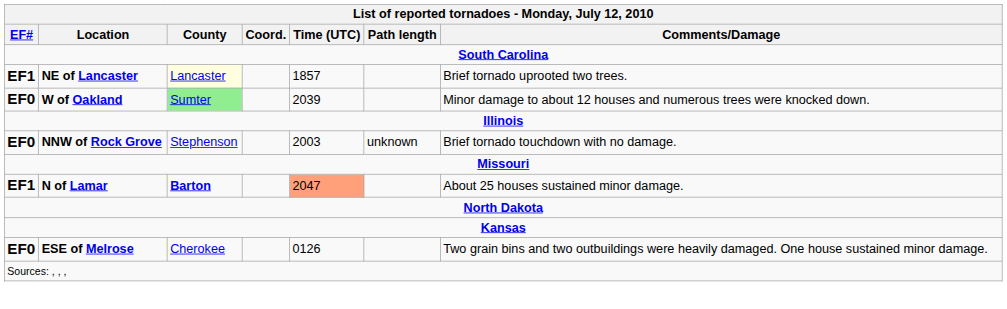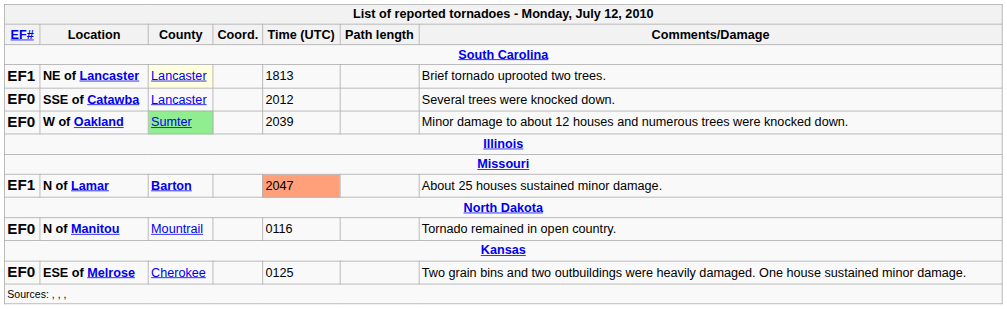 <table class="wikitable collapsible" style="width:100%;">
 <tr>
 <th colspan="7">List of reported tornadoes - Monday, July 12, 2010</th>
 </tr>
 <tr>
 <th><a href='#'>EF#</a></th>
 <th>Location</th>
 <th>County</th>
 <th>Coord.</th>
 <th>Time (UTC)</th>
 <th>Path length</th>
 <th>Comments/Damage</th>
 </tr>
 <tr>
 <td colspan="7" style="text-align:center;"><strong><a href='#'>South Carolina</a></strong></td>
 </tr>
 <tr>
 <td><big><strong>EF1</strong></big></td>
 <td><strong>NE of <a href='#'>Lancaster</a></strong></td>
 <td style="background: lightyellow;"><a href='#'>Lancaster</a></td>
 <td></td>
-<td>1857</td>
+<td>1813</td>
 <td></td>
 <td>Brief tornado uprooted two trees.</td>
+</tr>
+<tr>
+<td><big><strong>EF0</strong></big></td>
+<td><strong>SSE of <a href='#'>Catawba</a></strong></td>
+<td><a href='#'>Lancaster</a></td>
+<td></td>
+<td>2012</td>
+<td></td>
+<td>Several trees were knocked down.</td>
 </tr>
 <tr>
 <td><big><strong>EF0</strong></big></td>
 <td><strong>W of <a href='#'>Oakland</a></strong></td>
 <td style="background: lightgreen;"><a href='#'>Sumter</a></td>
 <td></td>
 <td>2039</td>
 <td></td>
 <td>Minor damage to about 12 houses and numerous trees were knocked down.</td>
 </tr>
 <tr>
 <td colspan="7" style="text-align:center;"><strong><a href='#'>Illinois</a></strong></td>
-</tr>
-<tr>
-<td><big><strong>EF0</strong></big></td>
-<td><strong>NNW of <a href='#'>Rock Grove</a></strong></td>
-<td><a href='#'>Stephenson</a></td>
-<td></td>
-<td>2003</td>
-<td>unknown</td>
-<td>Brief tornado touchdown with no damage.</td>
 </tr>
 <tr>
 <td colspan="7" style="text-align:center;"><strong><a href='#'>Missouri</a></strong></td>
 </tr>
 <tr>
 <td><big><strong>EF1</strong></big></td>
 <td><strong>N of <a href='#'>Lamar</a></strong></td>
 <td><strong><a href='#'>Barton</a></strong></td>
 <td></td>
 <td style="background: lightsalmon;">2047</td>
 <td></td>
 <td>About 25 houses sustained minor damage.</td>
 </tr>
 <tr>
 <td colspan="7" style="text-align:center;"><strong><a href='#'>North Dakota</a></strong></td>
 </tr>
 <tr>
+<td><big><strong>EF0</strong></big></td>
+<td><strong>N of <a href='#'>Manitou</a></strong></td>
+<td><a href='#'>Mountrail</a></td>
+<td></td>
+<td>0116</td>
+<td></td>
+<td>Tornado remained in open country.</td>
+</tr>
+<tr>
 <td colspan="7" style="text-align:center;"><strong><a href='#'>Kansas</a></strong></td>
 </tr>
 <tr>
 <td><big><strong>EF0</strong></big></td>
 <td><strong>ESE of <a href='#'>Melrose</a></strong></td>
 <td><a href='#'>Cherokee</a></td>
 <td></td>
-<td>0126</td>
+<td>0125</td>
 <td></td>
 <td>Two grain bins and two outbuildings were heavily damaged. One house sustained minor damage.</td>
 </tr>
 <tr>
 <td colspan="7"><small>Sources: , , , </small></td>
 </tr>
 </table>
